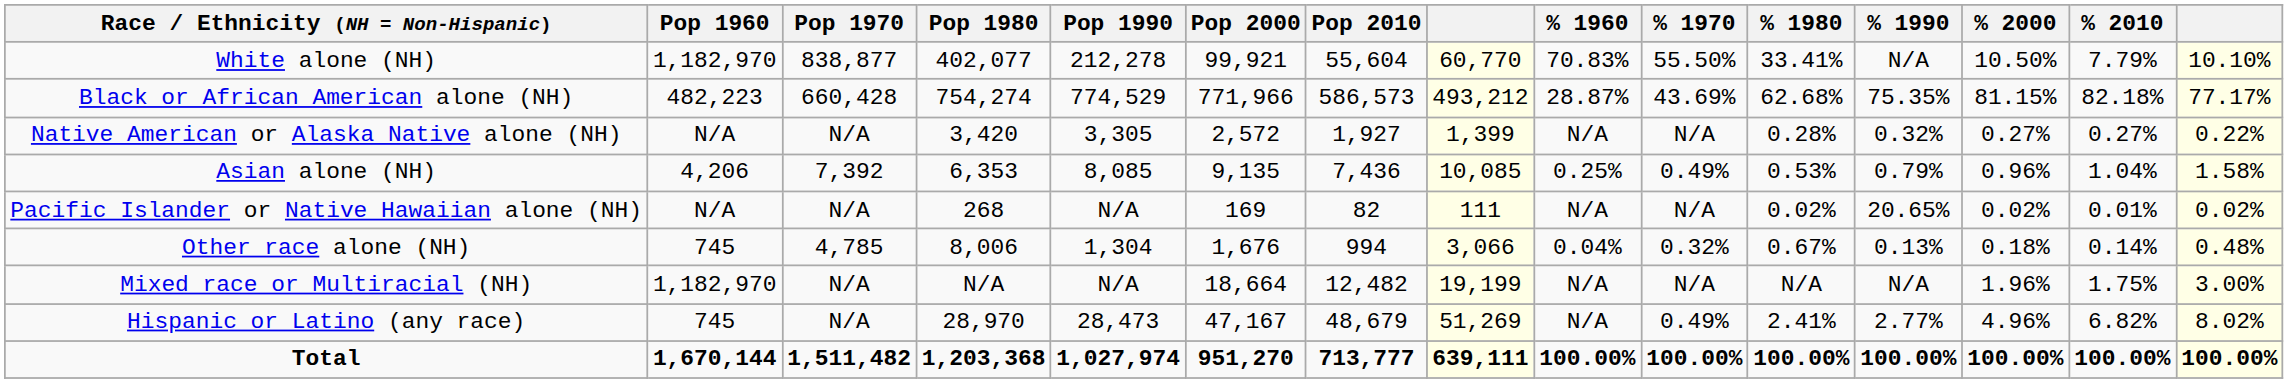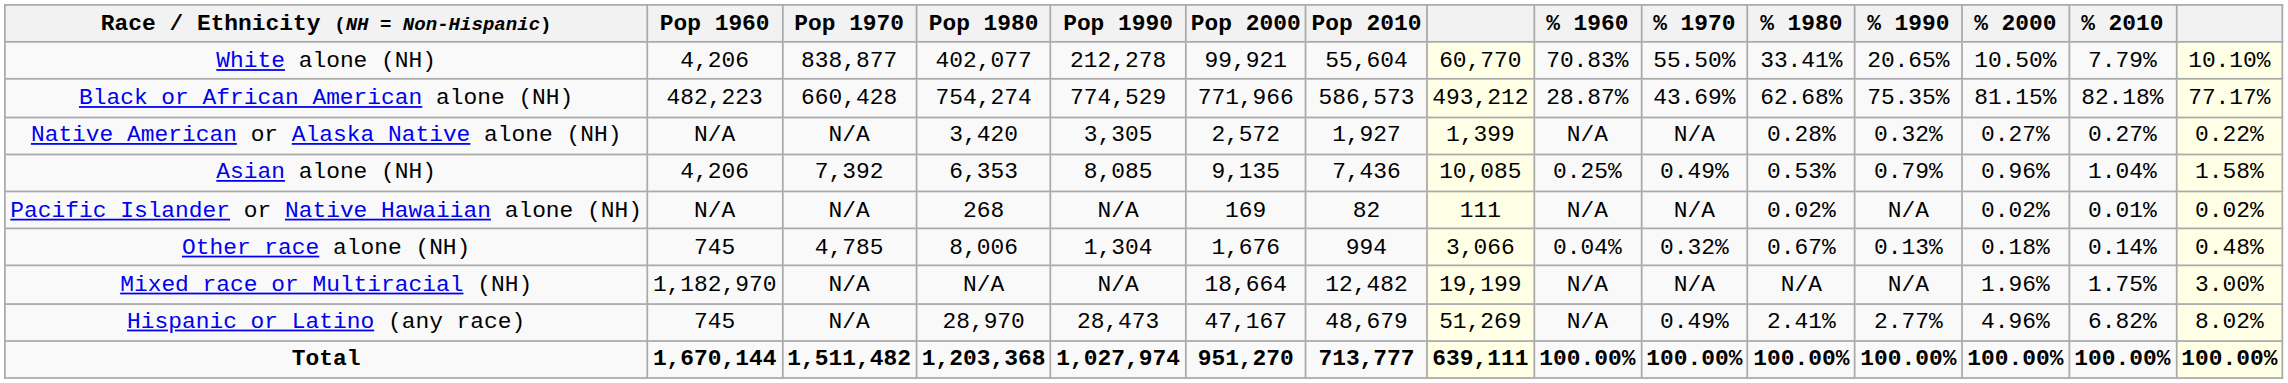 <table class="wikitable" style="text-align:center;">
 <tr>
 <th>Race / Ethnicity <small>(<em>NH = Non-Hispanic</em>)</small></th>
 <th>Pop 1960</th>
 <th>Pop 1970</th>
 <th>Pop 1980</th>
 <th>Pop 1990</th>
 <th>Pop 2000</th>
 <th>Pop 2010</th>
 <th></th>
 <th>% 1960</th>
 <th>% 1970</th>
 <th>% 1980</th>
 <th>% 1990</th>
 <th>% 2000</th>
 <th>% 2010</th>
 <th></th>
 </tr>
 <tr>
 <td><a href='#'>White</a> alone (NH)</td>
-<td>1,182,970</td>
+<td>4,206</td>
 <td>838,877</td>
 <td>402,077</td>
 <td>212,278</td>
 <td>99,921</td>
 <td>55,604</td>
 <td style='background: #ffffe6;'>60,770</td>
 <td>70.83%</td>
 <td>55.50%</td>
 <td>33.41%</td>
-<td>N/A</td>
+<td>20.65%</td>
 <td>10.50%</td>
 <td>7.79%</td>
 <td style='background: #ffffe6;'>10.10%</td>
 </tr>
 <tr>
 <td><a href='#'>Black or African American</a> alone (NH)</td>
 <td>482,223</td>
 <td>660,428</td>
 <td>754,274</td>
 <td>774,529</td>
 <td>771,966</td>
 <td>586,573</td>
 <td style='background: #ffffe6;'>493,212</td>
 <td>28.87%</td>
 <td>43.69%</td>
 <td>62.68%</td>
 <td>75.35%</td>
 <td>81.15%</td>
 <td>82.18%</td>
 <td style='background: #ffffe6;'>77.17%</td>
 </tr>
 <tr>
 <td><a href='#'>Native American</a> or <a href='#'>Alaska Native</a> alone (NH)</td>
 <td>N/A</td>
 <td>N/A</td>
 <td>3,420</td>
 <td>3,305</td>
 <td>2,572</td>
 <td>1,927</td>
 <td style='background: #ffffe6;'>1,399</td>
 <td>N/A</td>
 <td>N/A</td>
 <td>0.28%</td>
 <td>0.32%</td>
 <td>0.27%</td>
 <td>0.27%</td>
 <td style='background: #ffffe6;'>0.22%</td>
 </tr>
 <tr>
 <td><a href='#'>Asian</a> alone (NH)</td>
 <td>4,206</td>
 <td>7,392</td>
 <td>6,353</td>
 <td>8,085</td>
 <td>9,135</td>
 <td>7,436</td>
 <td style='background: #ffffe6;'>10,085</td>
 <td>0.25%</td>
 <td>0.49%</td>
 <td>0.53%</td>
 <td>0.79%</td>
 <td>0.96%</td>
 <td>1.04%</td>
 <td style='background: #ffffe6;'>1.58%</td>
 </tr>
 <tr>
 <td><a href='#'>Pacific Islander</a> or <a href='#'>Native Hawaiian</a> alone (NH)</td>
 <td>N/A</td>
 <td>N/A</td>
 <td>268</td>
 <td>N/A</td>
 <td>169</td>
 <td>82</td>
 <td style='background: #ffffe6;'>111</td>
 <td>N/A</td>
 <td>N/A</td>
 <td>0.02%</td>
-<td>20.65%</td>
+<td>N/A</td>
 <td>0.02%</td>
 <td>0.01%</td>
 <td style='background: #ffffe6;'>0.02%</td>
 </tr>
 <tr>
 <td><a href='#'>Other race</a> alone (NH)</td>
 <td>745</td>
 <td>4,785</td>
 <td>8,006</td>
 <td>1,304</td>
 <td>1,676</td>
 <td>994</td>
 <td style='background: #ffffe6;'>3,066</td>
 <td>0.04%</td>
 <td>0.32%</td>
 <td>0.67%</td>
 <td>0.13%</td>
 <td>0.18%</td>
 <td>0.14%</td>
 <td style='background: #ffffe6;'>0.48%</td>
 </tr>
 <tr>
 <td><a href='#'>Mixed race or Multiracial</a> (NH)</td>
 <td>1,182,970</td>
 <td>N/A</td>
 <td>N/A</td>
 <td>N/A</td>
 <td>18,664</td>
 <td>12,482</td>
 <td style='background: #ffffe6;'>19,199</td>
 <td>N/A</td>
 <td>N/A</td>
 <td>N/A</td>
 <td>N/A</td>
 <td>1.96%</td>
 <td>1.75%</td>
 <td style='background: #ffffe6;'>3.00%</td>
 </tr>
 <tr>
 <td><a href='#'>Hispanic or Latino</a> (any race)</td>
 <td>745</td>
 <td>N/A</td>
 <td>28,970</td>
 <td>28,473</td>
 <td>47,167</td>
 <td>48,679</td>
 <td style='background: #ffffe6;'>51,269</td>
 <td>N/A</td>
 <td>0.49%</td>
 <td>2.41%</td>
 <td>2.77%</td>
 <td>4.96%</td>
 <td>6.82%</td>
 <td style='background: #ffffe6;'>8.02%</td>
 </tr>
 <tr>
 <td><strong>Total</strong></td>
 <td><strong>1,670,144</strong></td>
 <td><strong>1,511,482</strong></td>
 <td><strong>1,203,368</strong></td>
 <td><strong>1,027,974</strong></td>
 <td><strong>951,270</strong></td>
 <td><strong>713,777</strong></td>
 <td style='background: #ffffe6;'><strong>639,111</strong></td>
 <td><strong>100.00%</strong></td>
 <td><strong>100.00%</strong></td>
 <td><strong>100.00%</strong></td>
 <td><strong>100.00%</strong></td>
 <td><strong>100.00%</strong></td>
 <td><strong>100.00%</strong></td>
 <td style='background: #ffffe6;'><strong>100.00%</strong></td>
 </tr>
 </table>
